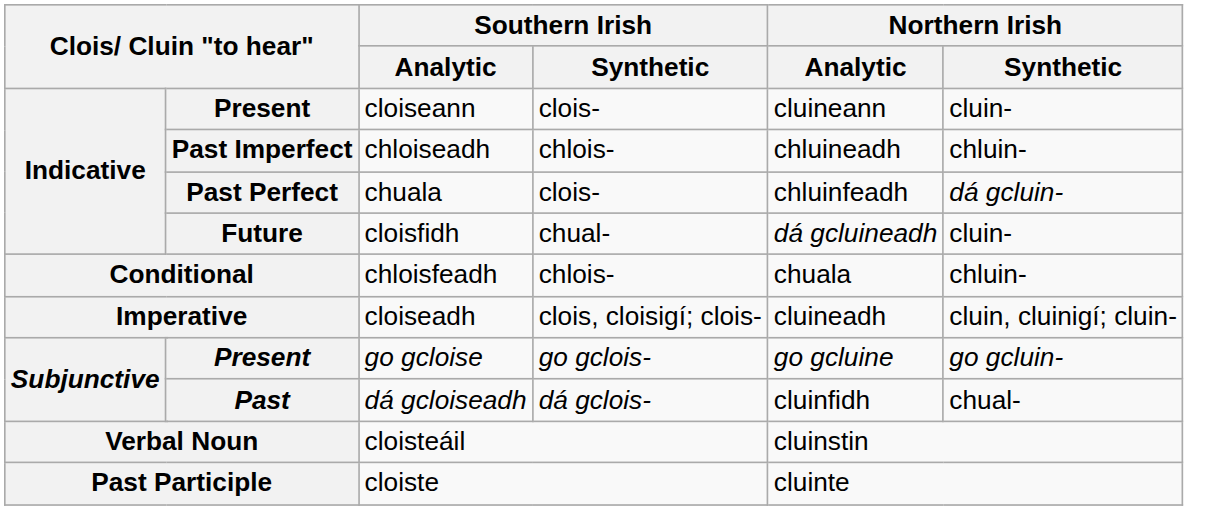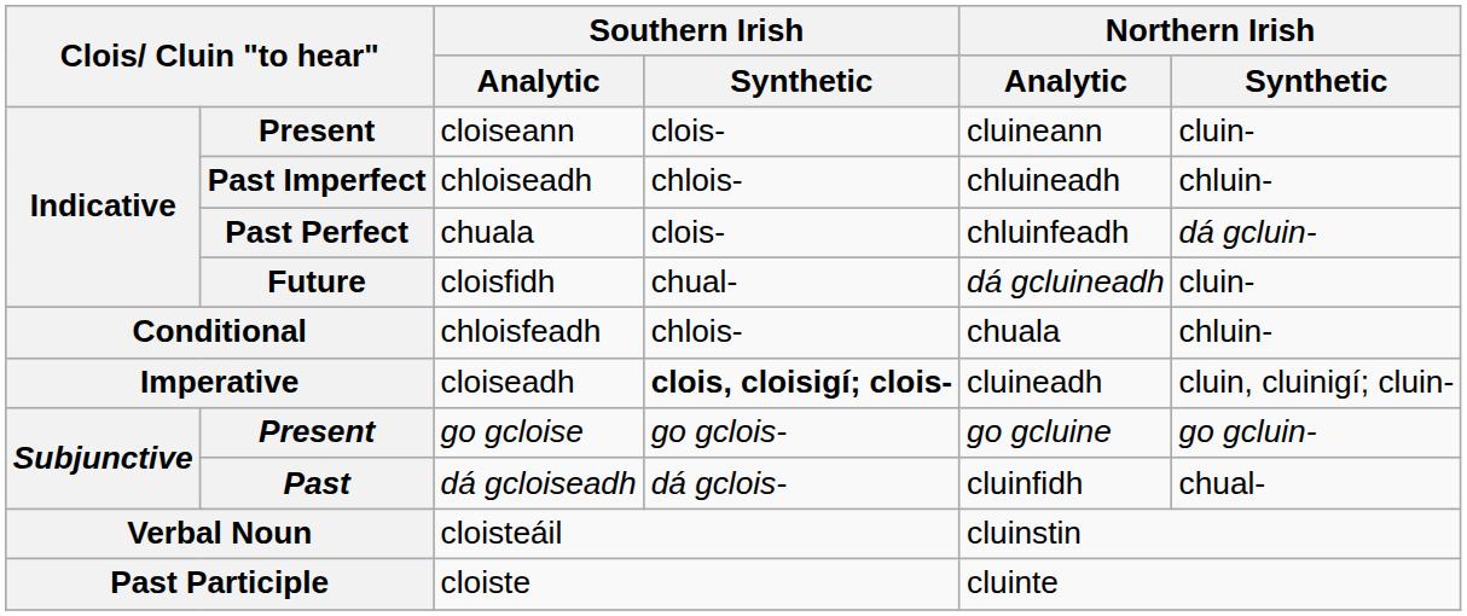 <table class="wikitable mw-collapsible">
 <tr>
 <th colspan="3" rowspan="2">Clois/ Cluin "to hear"</th>
 <th colspan="2">Southern Irish</th>
 <th colspan="2">Northern Irish</th>
 </tr>
 <tr>
 <th>Analytic</th>
 <th>Synthetic</th>
 <th>Analytic</th>
 <th>Synthetic</th>
 </tr>
 <tr>
 <th rowspan="4">Indicative</th>
 <th colspan="2">Present</th>
 <td>cloiseann</td>
 <td>clois-</td>
 <td>cluineann</td>
 <td>cluin-</td>
 </tr>
 <tr>
 <th colspan="2">Past Imperfect</th>
 <td>chloiseadh</td>
 <td>chlois-</td>
 <td>chluineadh</td>
 <td>chluin-</td>
 </tr>
 <tr>
 <th colspan="2">Past Perfect</th>
 <td>chuala</td>
 <td>clois-</td>
 <td>chluinfeadh</td>
 <td><em>dá gcluin-</em></td>
 </tr>
 <tr>
 <th colspan="2">Future</th>
 <td>cloisfidh</td>
 <td>chual-</td>
 <td><em>dá gcluineadh</em></td>
 <td>cluin-</td>
 </tr>
 <tr>
 <th colspan="3">Conditional</th>
 <td>chloisfeadh</td>
 <td>chlois-</td>
 <td>chuala</td>
 <td>chluin-</td>
 </tr>
 <tr>
 <th colspan="3">Imperative</th>
 <td>cloiseadh</td>
-<td>clois, cloisigí; clois-</td>
+<td><strong>clois, cloisigí; clois-</strong></td>
 <td>cluineadh</td>
 <td>cluin, cluinigí; cluin-</td>
 </tr>
 <tr>
 <th colspan="2" rowspan="2"><em>Subjunctive</em></th>
 <th><em>Present</em></th>
 <td><em>go gcloise</em></td>
 <td><em>go gclois-</em></td>
 <td><em>go gcluine</em></td>
 <td><em>go gcluin-</em></td>
 </tr>
 <tr>
 <th><em>Past</em></th>
 <td><em>dá gcloiseadh</em></td>
 <td><em>dá gclois-</em></td>
 <td>cluinfidh</td>
 <td>chual-</td>
 </tr>
 <tr>
 <th colspan="3">Verbal Noun</th>
 <td colspan="2">cloisteáil</td>
 <td colspan="2">cluinstin</td>
 </tr>
 <tr>
 <th colspan="3">Past Participle</th>
 <td colspan="2">cloiste</td>
 <td colspan="2">cluinte</td>
 </tr>
 </table>
